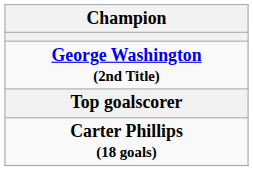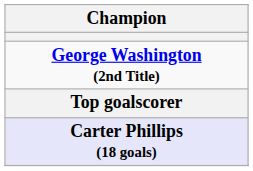 <table class="wikitable" style="margin: 0 auto; width: 220px;">
 <tr>
 <th>Champion</th>
 </tr>
 <tr>
 <th></th>
 </tr>
 <tr>
 <td align="center"><strong><a href='#'>George Washington</a></strong><br><small><strong>(2nd Title)</strong></small></td>
 </tr>
 <tr>
 <th>Top goalscorer</th>
 </tr>
 <tr>
-<td align="center"><strong>Carter Phillips</strong><br><small><strong>(18 goals)</strong></small></td>
+<td align="center" style="background: lavender;"><strong>Carter Phillips</strong><br><small><strong>(18 goals)</strong></small></td>
 </tr>
 <tr>
 </tr>
 </table>
